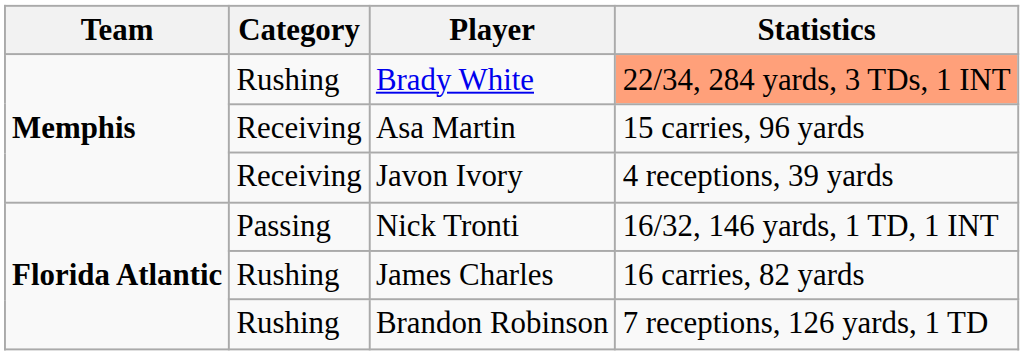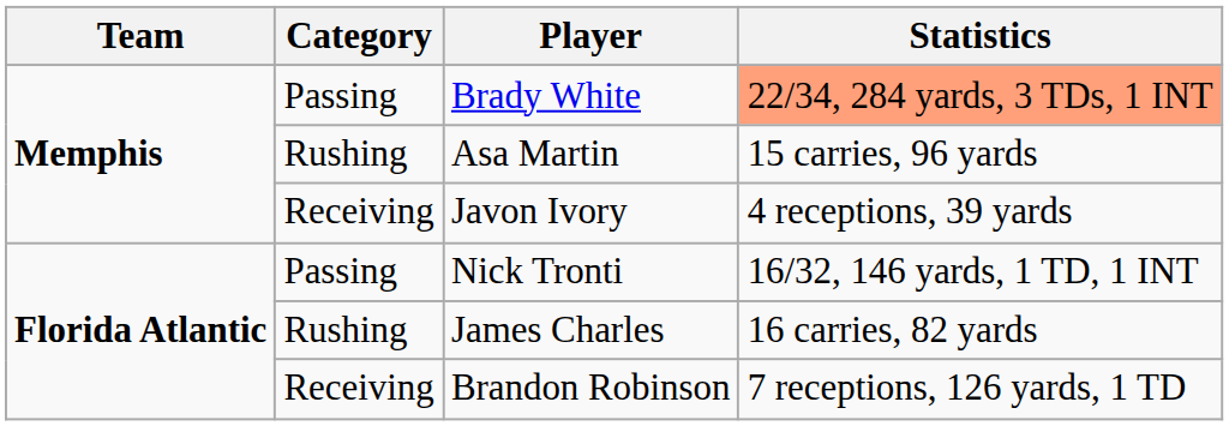 <table class="wikitable" style="float: left;">
 <tr>
 <th>Team</th>
 <th>Category</th>
 <th>Player</th>
 <th>Statistics</th>
 </tr>
 <tr>
 <td rowspan=3><strong>Memphis</strong></td>
-<td>Rushing</td>
+<td>Passing</td>
 <td><a href='#'>Brady White</a></td>
 <td style="background: lightsalmon;">22/34, 284 yards, 3 TDs, 1 INT</td>
 </tr>
 <tr>
-<td>Receiving</td>
+<td>Rushing</td>
 <td>Asa Martin</td>
 <td>15 carries, 96 yards</td>
 </tr>
 <tr>
 <td>Receiving</td>
 <td>Javon Ivory</td>
 <td>4 receptions, 39 yards</td>
 </tr>
 <tr>
 <td rowspan=3><strong>Florida Atlantic</strong></td>
 <td>Passing</td>
 <td>Nick Tronti</td>
 <td>16/32, 146 yards, 1 TD, 1 INT</td>
 </tr>
 <tr>
 <td>Rushing</td>
 <td>James Charles</td>
 <td>16 carries, 82 yards</td>
 </tr>
 <tr>
-<td>Rushing</td>
+<td>Receiving</td>
 <td>Brandon Robinson</td>
 <td>7 receptions, 126 yards, 1 TD</td>
 </tr>
 </table>
